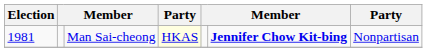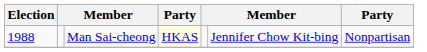 <table class="wikitable">
 <tr>
 <th>Election</th>
 <th colspan="2">Member</th>
 <th>Party</th>
 <th colspan="2">Member</th>
 <th>Party</th>
 </tr>
 <tr>
-<td><a href='#'>1981</a></td>
+<td><a href='#'>1988</a></td>
 <td style="background-color: "></td>
 <td><a href='#'>Man Sai-cheong</a></td>
 <td style="background: lightyellow;"><a href='#'>HKAS</a></td>
 <td style="background-color: "></td>
-<td><strong><a href='#'>Jennifer Chow Kit-bing</a></strong></td>
+<td><a href='#'>Jennifer Chow Kit-bing</a></td>
 <td><a href='#'>Nonpartisan</a></td>
 </tr>
 <tr>
 </tr>
 </table>
